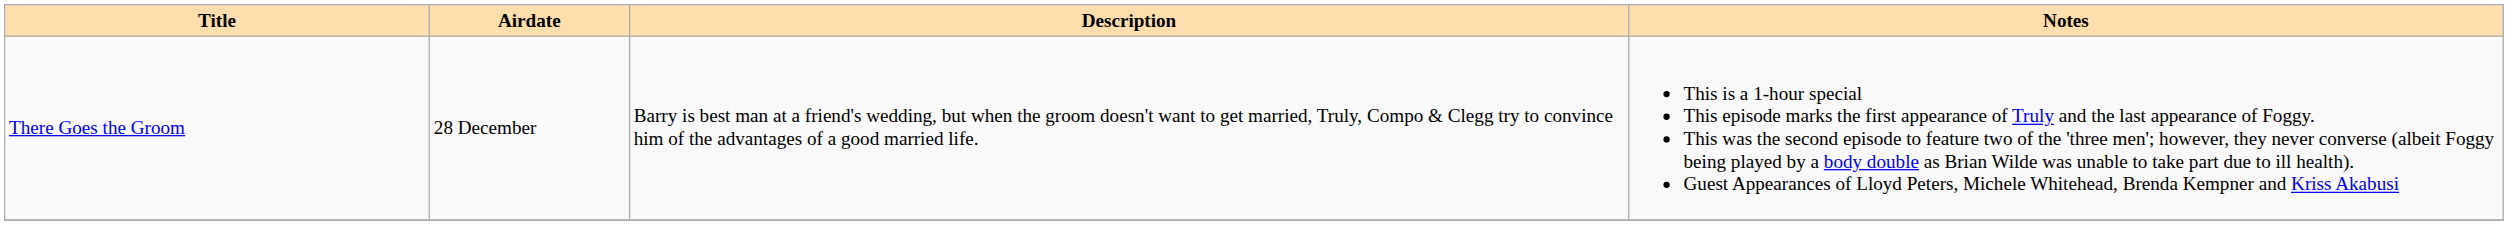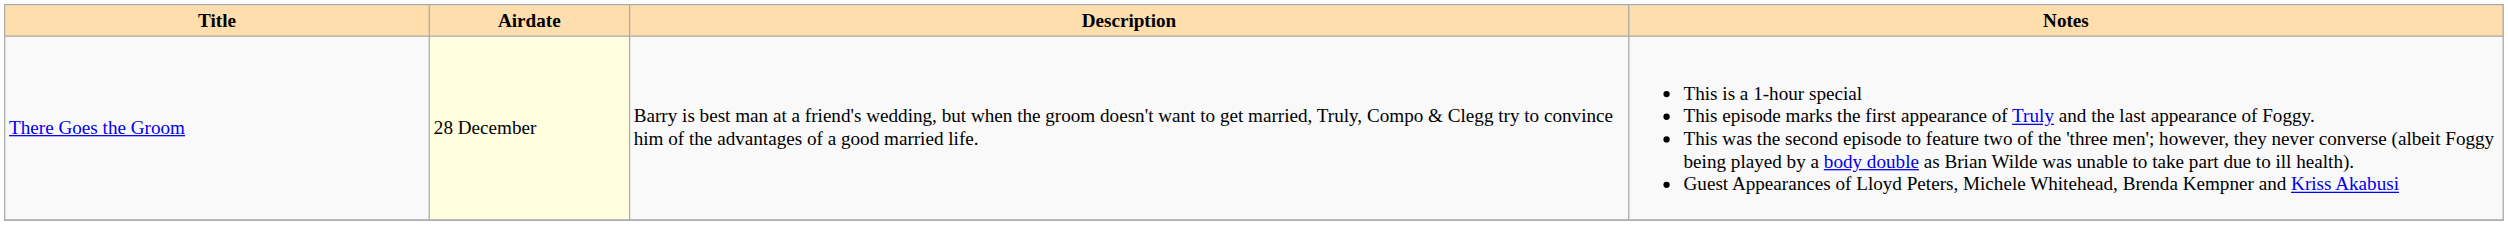 <table class="wikitable" width=100% border=1 style="font-size: 95%">
 <tr>
 <th style="background:#ffdead" width=17%>Title</th>
 <th style="background:#ffdead" width=8%>Airdate</th>
 <th style="background:#ffdead" width=40%>Description</th>
 <th style="background:#ffdead" width=35%>Notes</th>
 </tr>
 <tr>
 <td><a href='#'>There Goes the Groom</a></td>
-<td>28 December</td>
+<td style="background: lightyellow;">28 December</td>
 <td>Barry is best man at a friend's wedding, but when the groom doesn't want to get married, Truly, Compo & Clegg try to convince him of the advantages of a good married life.</td>
 <td><br><ul><li>This is a 1-hour special</li><li>This episode marks the first appearance of <a href='#'>Truly</a> and the last appearance of Foggy.</li><li>This was the second episode to feature two of the 'three men'; however, they never converse (albeit Foggy being played by a <a href='#'>body double</a> as Brian Wilde was unable to take part due to ill health).</li><li>Guest Appearances of Lloyd Peters, Michele Whitehead, Brenda Kempner and <a href='#'>Kriss Akabusi</a></li></ul></td>
 </tr>
 <tr>
 </tr>
 </table>
